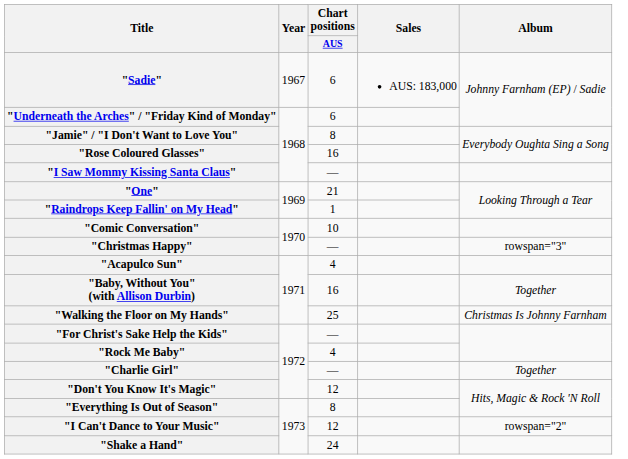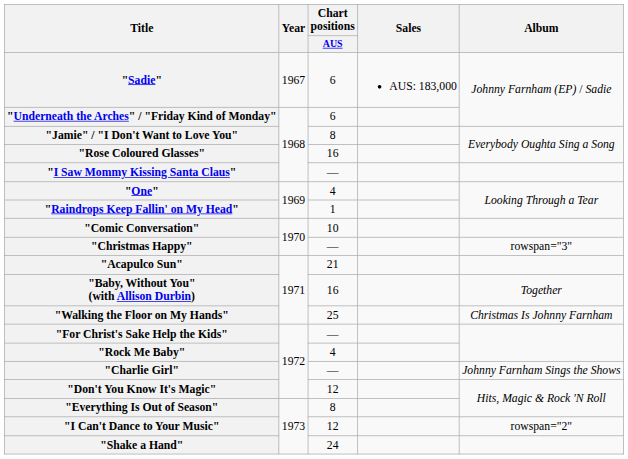 <table class="wikitable plainrowheaders" style="text-align:center;">
 <tr>
 <th rowspan="2">Title</th>
 <th rowspan="2">Year</th>
 <th colspan="1">Chart positions</th>
 <th rowspan="2">Sales</th>
 <th rowspan="2">Album</th>
 </tr>
 <tr>
 <th scope="col" style="width:3em;font-size:85%;"><a href='#'>AUS</a><br></th>
 </tr>
 <tr>
 <th scope="row">"<a href='#'>Sadie</a>"</th>
 <td rowspan="1">1967</td>
 <td>6</td>
 <td><br><ul><li>AUS: 183,000</li></ul></td>
 <td rowspan="2"><em>Johnny Farnham (EP)</em> / <em>Sadie</em></td>
 </tr>
 <tr>
 <th scope="row">"<a href='#'>Underneath the Arches</a>" / "Friday Kind of Monday"</th>
 <td rowspan="4">1968</td>
 <td>6</td>
 <td></td>
 </tr>
 <tr>
 <th scope="row">"Jamie" / "I Don't Want to Love You"</th>
 <td>8</td>
 <td></td>
 <td rowspan="2"><em>Everybody Oughta Sing a Song</em></td>
 </tr>
 <tr>
 <th scope="row">"Rose Coloured Glasses"</th>
 <td>16</td>
 <td></td>
 </tr>
 <tr>
 <th scope="row">"<a href='#'>I Saw Mommy Kissing Santa Claus</a>"</th>
 <td>—</td>
 <td></td>
 <td></td>
 </tr>
 <tr>
 <th scope="row">"<a href='#'>One</a>"</th>
 <td rowspan="2">1969</td>
-<td>21</td>
+<td>4</td>
 <td></td>
 <td rowspan="2"><em>Looking Through a Tear</em></td>
 </tr>
 <tr>
 <th scope="row">"<a href='#'>Raindrops Keep Fallin' on My Head</a>"</th>
 <td>1</td>
 <td></td>
 </tr>
 <tr>
 <th scope="row">"Comic Conversation"</th>
 <td rowspan="2">1970</td>
 <td>10</td>
 <td></td>
 <td></td>
 </tr>
 <tr>
 <th scope="row">"Christmas Happy"</th>
 <td>—</td>
 <td></td>
 <td>rowspan="3" </td>
 </tr>
 <tr>
 <th scope="row">"Acapulco Sun"</th>
 <td rowspan="3">1971</td>
-<td>4</td>
+<td>21</td>
 <td></td>
 <td></td>
 </tr>
 <tr>
 <th scope="row">"Baby, Without You" <br> (with <a href='#'>Allison Durbin</a>)</th>
 <td>16</td>
 <td></td>
 <td><em>Together</em></td>
 </tr>
 <tr>
 <th scope="row">"Walking the Floor on My Hands"</th>
 <td>25</td>
 <td></td>
 <td><em>Christmas Is Johnny Farnham</em></td>
 </tr>
 <tr>
 <th scope="row">"For Christ's Sake Help the Kids"</th>
 <td rowspan="4">1972</td>
 <td>—</td>
 <td></td>
 </tr>
 <tr>
 <th scope="row">"Rock Me Baby"</th>
 <td>4</td>
 <td></td>
 </tr>
 <tr>
 <th scope="row">"Charlie Girl"</th>
 <td>—</td>
 <td></td>
-<td><em>Together</em></td>
+<td><em>Johnny Farnham Sings the Shows</em></td>
 </tr>
 <tr>
 <th scope="row">"Don't You Know It's Magic"</th>
 <td>12</td>
 <td></td>
 <td rowspan="2"><em>Hits, Magic & Rock 'N Roll</em></td>
 </tr>
 <tr>
 <th scope="row">"Everything Is Out of Season"</th>
 <td rowspan="3">1973</td>
 <td>8</td>
 <td></td>
 </tr>
 <tr>
 <th scope="row">"I Can't Dance to Your Music"</th>
 <td>12</td>
 <td></td>
 <td>rowspan="2" </td>
 </tr>
 <tr>
 <th scope="row">"Shake a Hand"</th>
 <td>24</td>
 <td></td>
 </tr>
 </table>
